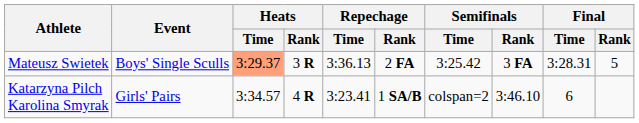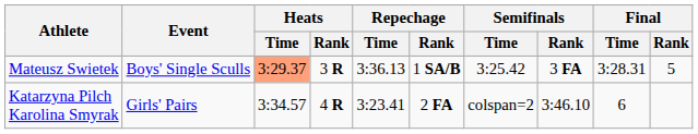 <table class="wikitable" style="font-size:90%">
 <tr>
 <th rowspan="2">Athlete</th>
 <th rowspan="2">Event</th>
 <th colspan="2">Heats</th>
 <th colspan="2">Repechage</th>
 <th colspan="2">Semifinals</th>
 <th colspan="2">Final</th>
 </tr>
 <tr style="font-size:95%">
 <th>Time</th>
 <th>Rank</th>
 <th>Time</th>
 <th>Rank</th>
 <th>Time</th>
 <th>Rank</th>
 <th>Time</th>
 <th>Rank</th>
 </tr>
 <tr align=center>
 <td align=left><a href='#'>Mateusz Swietek</a></td>
 <td align=left><a href='#'>Boys' Single Sculls</a></td>
 <td style="background: lightsalmon;">3:29.37</td>
 <td>3 <strong>R</strong></td>
 <td>3:36.13</td>
-<td>2 <strong>FA</strong></td>
+<td>1 <strong>SA/B</strong></td>
 <td>3:25.42</td>
 <td>3 <strong>FA</strong></td>
 <td>3:28.31</td>
 <td>5</td>
 </tr>
 <tr align=center>
 <td align=left><a href='#'>Katarzyna Pilch</a><br><a href='#'>Karolina Smyrak</a></td>
 <td align=left><a href='#'>Girls' Pairs</a></td>
 <td>3:34.57</td>
 <td>4 <strong>R</strong></td>
 <td>3:23.41</td>
-<td>1 <strong>SA/B</strong></td>
+<td>2 <strong>FA</strong></td>
 <td>colspan=2 </td>
 <td>3:46.10</td>
 <td>6</td>
 </tr>
 </table>
